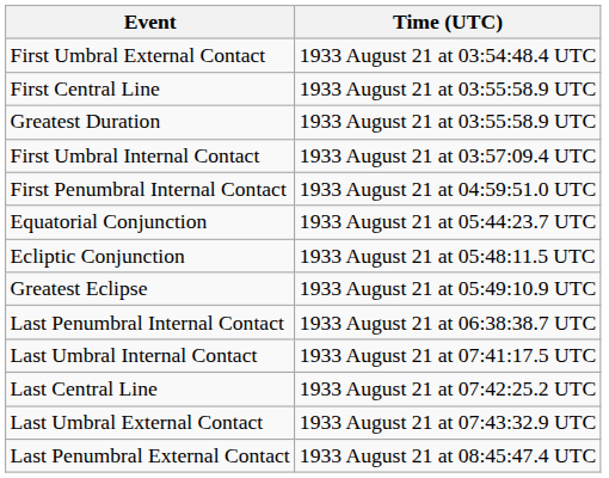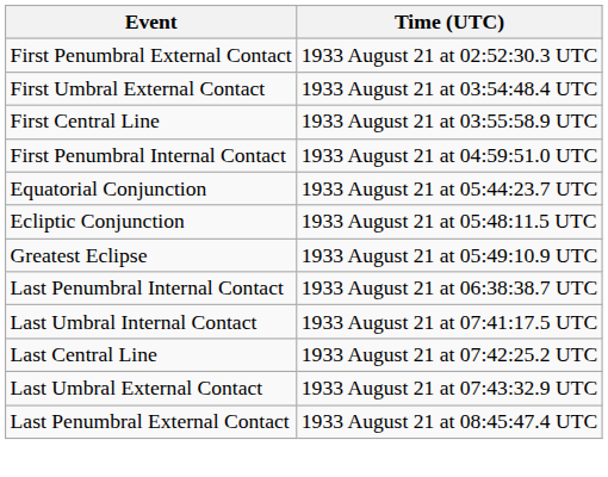 <table class="wikitable">
 <tr>
 <th>Event</th>
 <th>Time (UTC)</th>
+</tr>
+<tr>
+<td>First Penumbral External Contact</td>
+<td>1933 August 21 at 02:52:30.3 UTC</td>
 </tr>
 <tr>
 <td>First Umbral External Contact</td>
 <td>1933 August 21 at 03:54:48.4 UTC</td>
 </tr>
 <tr>
 <td>First Central Line</td>
 <td>1933 August 21 at 03:55:58.9 UTC</td>
-</tr>
-<tr>
-<td>Greatest Duration</td>
-<td>1933 August 21 at 03:55:58.9 UTC</td>
-</tr>
-<tr>
-<td>First Umbral Internal Contact</td>
-<td>1933 August 21 at 03:57:09.4 UTC</td>
 </tr>
 <tr>
 <td>First Penumbral Internal Contact</td>
 <td>1933 August 21 at 04:59:51.0 UTC</td>
 </tr>
 <tr>
 <td>Equatorial Conjunction</td>
 <td>1933 August 21 at 05:44:23.7 UTC</td>
 </tr>
 <tr>
 <td>Ecliptic Conjunction</td>
 <td>1933 August 21 at 05:48:11.5 UTC</td>
 </tr>
 <tr>
 <td>Greatest Eclipse</td>
 <td>1933 August 21 at 05:49:10.9 UTC</td>
 </tr>
 <tr>
 <td>Last Penumbral Internal Contact</td>
 <td>1933 August 21 at 06:38:38.7 UTC</td>
 </tr>
 <tr>
 <td>Last Umbral Internal Contact</td>
 <td>1933 August 21 at 07:41:17.5 UTC</td>
 </tr>
 <tr>
 <td>Last Central Line</td>
 <td>1933 August 21 at 07:42:25.2 UTC</td>
 </tr>
 <tr>
 <td>Last Umbral External Contact</td>
 <td>1933 August 21 at 07:43:32.9 UTC</td>
 </tr>
 <tr>
 <td>Last Penumbral External Contact</td>
 <td>1933 August 21 at 08:45:47.4 UTC</td>
 </tr>
 </table>
